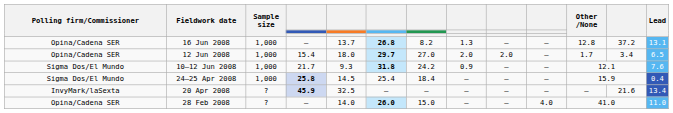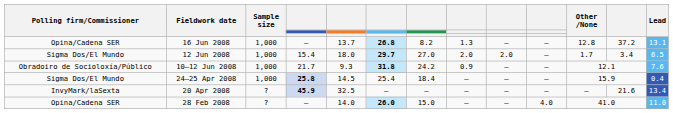 <table class="wikitable collapsible collapsed" style="text-align:center; font-size:90%; line-height:14px;">
 <tr style="height:42px;">
 <th style="width:260px;" rowspan="3">Polling firm/Commissioner</th>
 <th style="width:125px;" rowspan="3">Fieldwork date</th>
 <th style="width:60px;" rowspan="3">Sample size</th>
 <th style="width:60px;"></th>
 <th style="width:60px;"></th>
 <th style="width:60px;"></th>
 <th style="width:60px;"></th>
 <th style="width:60px;"></th>
 <th style="width:60px;"></th>
 <th style="width:60px;"></th>
 <th style="width:60px;" rowspan="3">Other<br>/None</th>
 <th style="width:60px;" rowspan="3"></th>
 <th style="width:30px;" rowspan="3">Lead</th>
 </tr>
 <tr>
 <th style="color:inherit;background:#3259B6;"></th>
 <th style="color:inherit;background:#F77B25;"></th>
 <th style="color:inherit;background:#56B7F1;"></th>
 <th style="color:inherit;background:#229751;"></th>
 <th style="color:inherit;background:"></th>
 <th style="color:inherit;background:"></th>
 <th style="color:inherit;background:"></th>
 </tr>
 <tr>
 <th></th>
 <th></th>
 <th></th>
 <th></th>
 <th></th>
 <th></th>
 <th></th>
 </tr>
 <tr>
 <td>Opina/Cadena SER</td>
 <td>16 Jun 2008</td>
 <td>1,000</td>
 <td>–</td>
 <td>13.7</td>
 <td style="color:inherit;background:#C4E7FB;"><strong>26.8</strong></td>
 <td>8.2</td>
 <td>1.3</td>
 <td>–</td>
 <td>–</td>
 <td>12.8</td>
 <td>37.2</td>
 <td style="color:inherit;background:#56B7F1; color:white;">13.1</td>
 </tr>
 <tr>
-<td>Opina/Cadena SER</td>
+<td>Sigma Dos/El Mundo</td>
 <td>12 Jun 2008</td>
 <td>1,000</td>
 <td>15.4</td>
 <td>18.0</td>
 <td style="color:inherit;background:#C4E7FB;"><strong>29.7</strong></td>
 <td>27.0</td>
 <td>2.0</td>
 <td>2.0</td>
 <td>–</td>
 <td>1.7</td>
 <td>3.4</td>
 <td style="color:inherit;background:#56B7F1; color:white;">6.5</td>
 </tr>
 <tr>
-<td>Sigma Dos/El Mundo</td>
+<td>Obradoiro de Socioloxía/Público</td>
 <td>10–12 Jun 2008</td>
 <td>1,000</td>
 <td>21.7</td>
 <td>9.3</td>
 <td style="color:inherit;background:#C4E7FB;"><strong>31.8</strong></td>
 <td>24.2</td>
 <td>0.9</td>
 <td>–</td>
 <td>–</td>
 <td colspan="2">12.1</td>
 <td style="color:inherit;background:#56B7F1; color:white;">7.6</td>
 </tr>
 <tr>
 <td>Sigma Dos/El Mundo</td>
 <td>24–25 Apr 2008</td>
 <td>1,000</td>
 <td style="color:inherit;background:#CDD8F1;"><strong>25.8</strong></td>
 <td>14.5</td>
 <td>25.4</td>
 <td>18.4</td>
 <td>–</td>
 <td>–</td>
 <td>–</td>
 <td colspan="2">15.9</td>
 <td style="color:inherit;background:#3259B6; color:white;">0.4</td>
 </tr>
 <tr>
 <td>InvyMark/laSexta</td>
 <td>20 Apr 2008</td>
 <td>?</td>
 <td style="color:inherit;background:#CDD8F1;"><strong>45.9</strong></td>
 <td>32.5</td>
 <td>–</td>
 <td>–</td>
 <td>–</td>
 <td>–</td>
 <td>–</td>
 <td>–</td>
 <td>21.6</td>
 <td style="color:inherit;background:#3259B6; color:white;">13.4</td>
 </tr>
 <tr>
 <td>Opina/Cadena SER</td>
 <td>28 Feb 2008</td>
 <td>?</td>
 <td>–</td>
 <td>14.0</td>
 <td style="color:inherit;background:#C4E7FB;"><strong>26.0</strong></td>
 <td>15.0</td>
 <td>–</td>
 <td>–</td>
 <td>4.0</td>
 <td colspan="2">41.0</td>
 <td style="color:inherit;background:#56B7F1; color:white;">11.0</td>
 </tr>
 </table>
